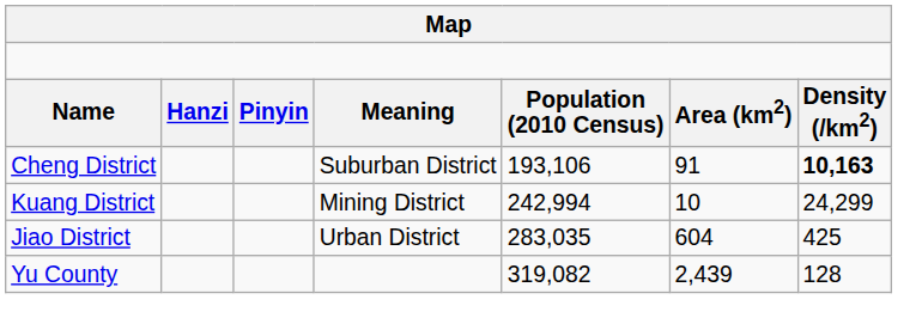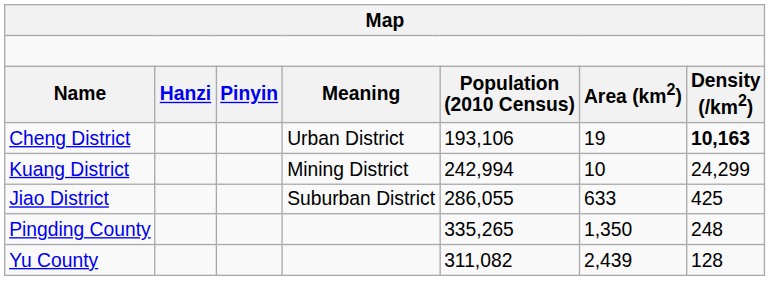 <table class="wikitable" style="font-size:90%;" align=center>
 <tr>
 <th colspan="7">Map</th>
 </tr>
 <tr>
 <td colspan="7"><div><br>          </div></td>
 </tr>
 <tr>
 <th>Name</th>
 <th><a href='#'>Hanzi</a></th>
 <th><a href='#'>Pinyin</a></th>
 <th>Meaning</th>
 <th>Population<br>(2010 Census)</th>
 <th>Area (km<sup>2</sup>)</th>
 <th>Density<br>(/km<sup>2</sup>)</th>
 </tr>
 <tr --------->
 <td><a href='#'>Cheng District</a></td>
 <td></td>
 <td></td>
-<td>Suburban District</td>
+<td>Urban District</td>
 <td>193,106</td>
-<td>91</td>
+<td>19</td>
 <td><strong>10,163</strong></td>
 </tr>
 <tr --------->
 <td><a href='#'>Kuang District</a></td>
 <td></td>
 <td></td>
 <td>Mining District</td>
 <td>242,994</td>
 <td>10</td>
 <td>24,299</td>
 </tr>
 <tr --------->
 <td><a href='#'>Jiao District</a></td>
 <td></td>
 <td></td>
-<td>Urban District</td>
-<td>283,035</td>
-<td>604</td>
+<td>Suburban District</td>
+<td>286,055</td>
+<td>633</td>
 <td>425</td>
+</tr>
+<tr --------->
+<td><a href='#'>Pingding County</a></td>
+<td></td>
+<td></td>
+<td></td>
+<td>335,265</td>
+<td>1,350</td>
+<td>248</td>
 </tr>
 <tr --------->
 <td><a href='#'>Yu County</a></td>
 <td></td>
 <td></td>
 <td></td>
-<td>319,082</td>
+<td>311,082</td>
 <td>2,439</td>
 <td>128</td>
 </tr>
 </table>
